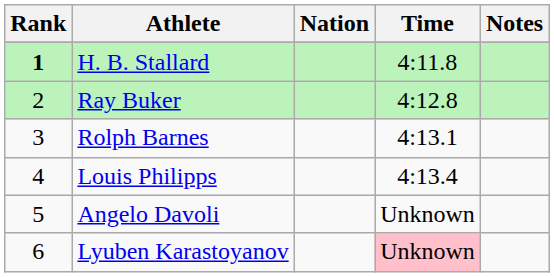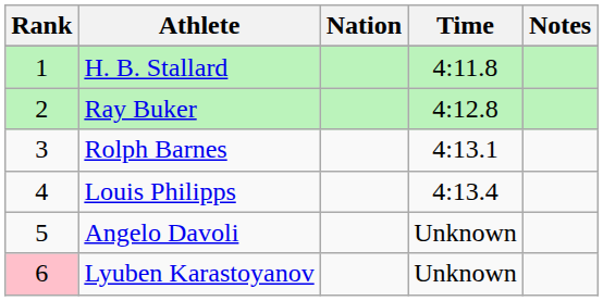 <table class="wikitable sortable" style="text-align:center">
 <tr>
 <th>Rank</th>
 <th>Athlete</th>
 <th>Nation</th>
 <th>Time</th>
 <th>Notes</th>
 </tr>
 <tr>
 </tr>
 <tr bgcolor=bbf3bb>
-<td><strong>1</strong></td>
+<td>1</td>
 <td align=left><a href='#'>H. B. Stallard</a></td>
 <td align=left></td>
 <td>4:11.8</td>
 <td></td>
 </tr>
 <tr bgcolor=bbf3bb>
 <td>2</td>
 <td align=left><a href='#'>Ray Buker</a></td>
 <td align=left></td>
 <td>4:12.8</td>
 <td></td>
 </tr>
 <tr>
 <td>3</td>
 <td align=left><a href='#'>Rolph Barnes</a></td>
 <td align=left></td>
 <td>4:13.1</td>
 <td></td>
 </tr>
 <tr>
 <td>4</td>
 <td align=left><a href='#'>Louis Philipps</a></td>
 <td align=left></td>
 <td>4:13.4</td>
 <td></td>
 </tr>
 <tr>
 <td>5</td>
 <td align=left><a href='#'>Angelo Davoli</a></td>
 <td align=left></td>
 <td data-sort-value=5:17.0>Unknown</td>
 <td></td>
 </tr>
 <tr>
-<td>6</td>
+<td style="background: pink;">6</td>
 <td align=left><a href='#'>Lyuben Karastoyanov</a></td>
 <td align=left></td>
-<td data-sort-value=6:17.0 style="background: pink;">Unknown</td>
+<td data-sort-value=6:17.0>Unknown</td>
 <td></td>
 </tr>
 </table>
